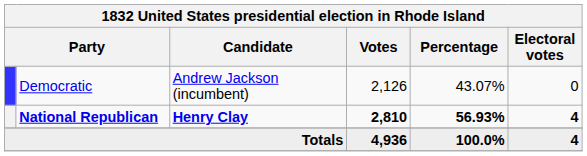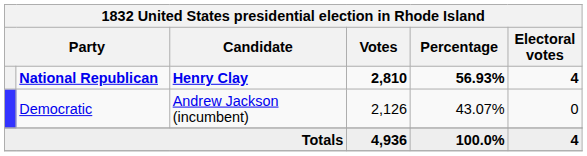 <table class="wikitable" style="font-size: 95%;">
 <tr>
 <th colspan="6">1832 United States presidential election in Rhode Island</th>
 </tr>
 <tr>
 <th colspan="2" style="width: 15em">Party</th>
 <th style="width: 17em">Candidate</th>
 <th style="width: 5em">Votes</th>
 <th style="width: 7em">Percentage</th>
 <th style="width: 5em">Electoral votes</th>
 </tr>
 <tr>
+<th></th>
+<td style="width: 130px"><strong><a href='#'>National Republican</a></strong></td>
+<td><strong><a href='#'>Henry Clay</a></strong></td>
+<td align="right"><strong>2,810</strong></td>
+<td align="right"><strong>56.93%</strong></td>
+<td align="right"><strong>4</strong></td>
+</tr>
+<tr>
 <th style="background-color:#3333FF; width: 3px"></th>
 <td style="width: 130px"><a href='#'>Democratic</a></td>
 <td><a href='#'>Andrew Jackson</a> (incumbent)</td>
 <td align="right">2,126</td>
 <td align="right">43.07%</td>
 <td align="right">0</td>
-</tr>
-<tr>
-<th></th>
-<td style="width: 130px"><strong><a href='#'>National Republican</a></strong></td>
-<td><strong><a href='#'>Henry Clay</a></strong></td>
-<td align="right"><strong>2,810</strong></td>
-<td align="right"><strong>56.93%</strong></td>
-<td align="right"><strong>4</strong></td>
 </tr>
 <tr>
 </tr>
 <tr bgcolor="#EEEEEE">
 <td colspan="3" align="right"><strong>Totals</strong></td>
 <td align="right"><strong>4,936</strong></td>
 <td align="right"><strong>100.0%</strong></td>
 <td align="right"><strong>4</strong></td>
 </tr>
 <tr>
 </tr>
 </table>
